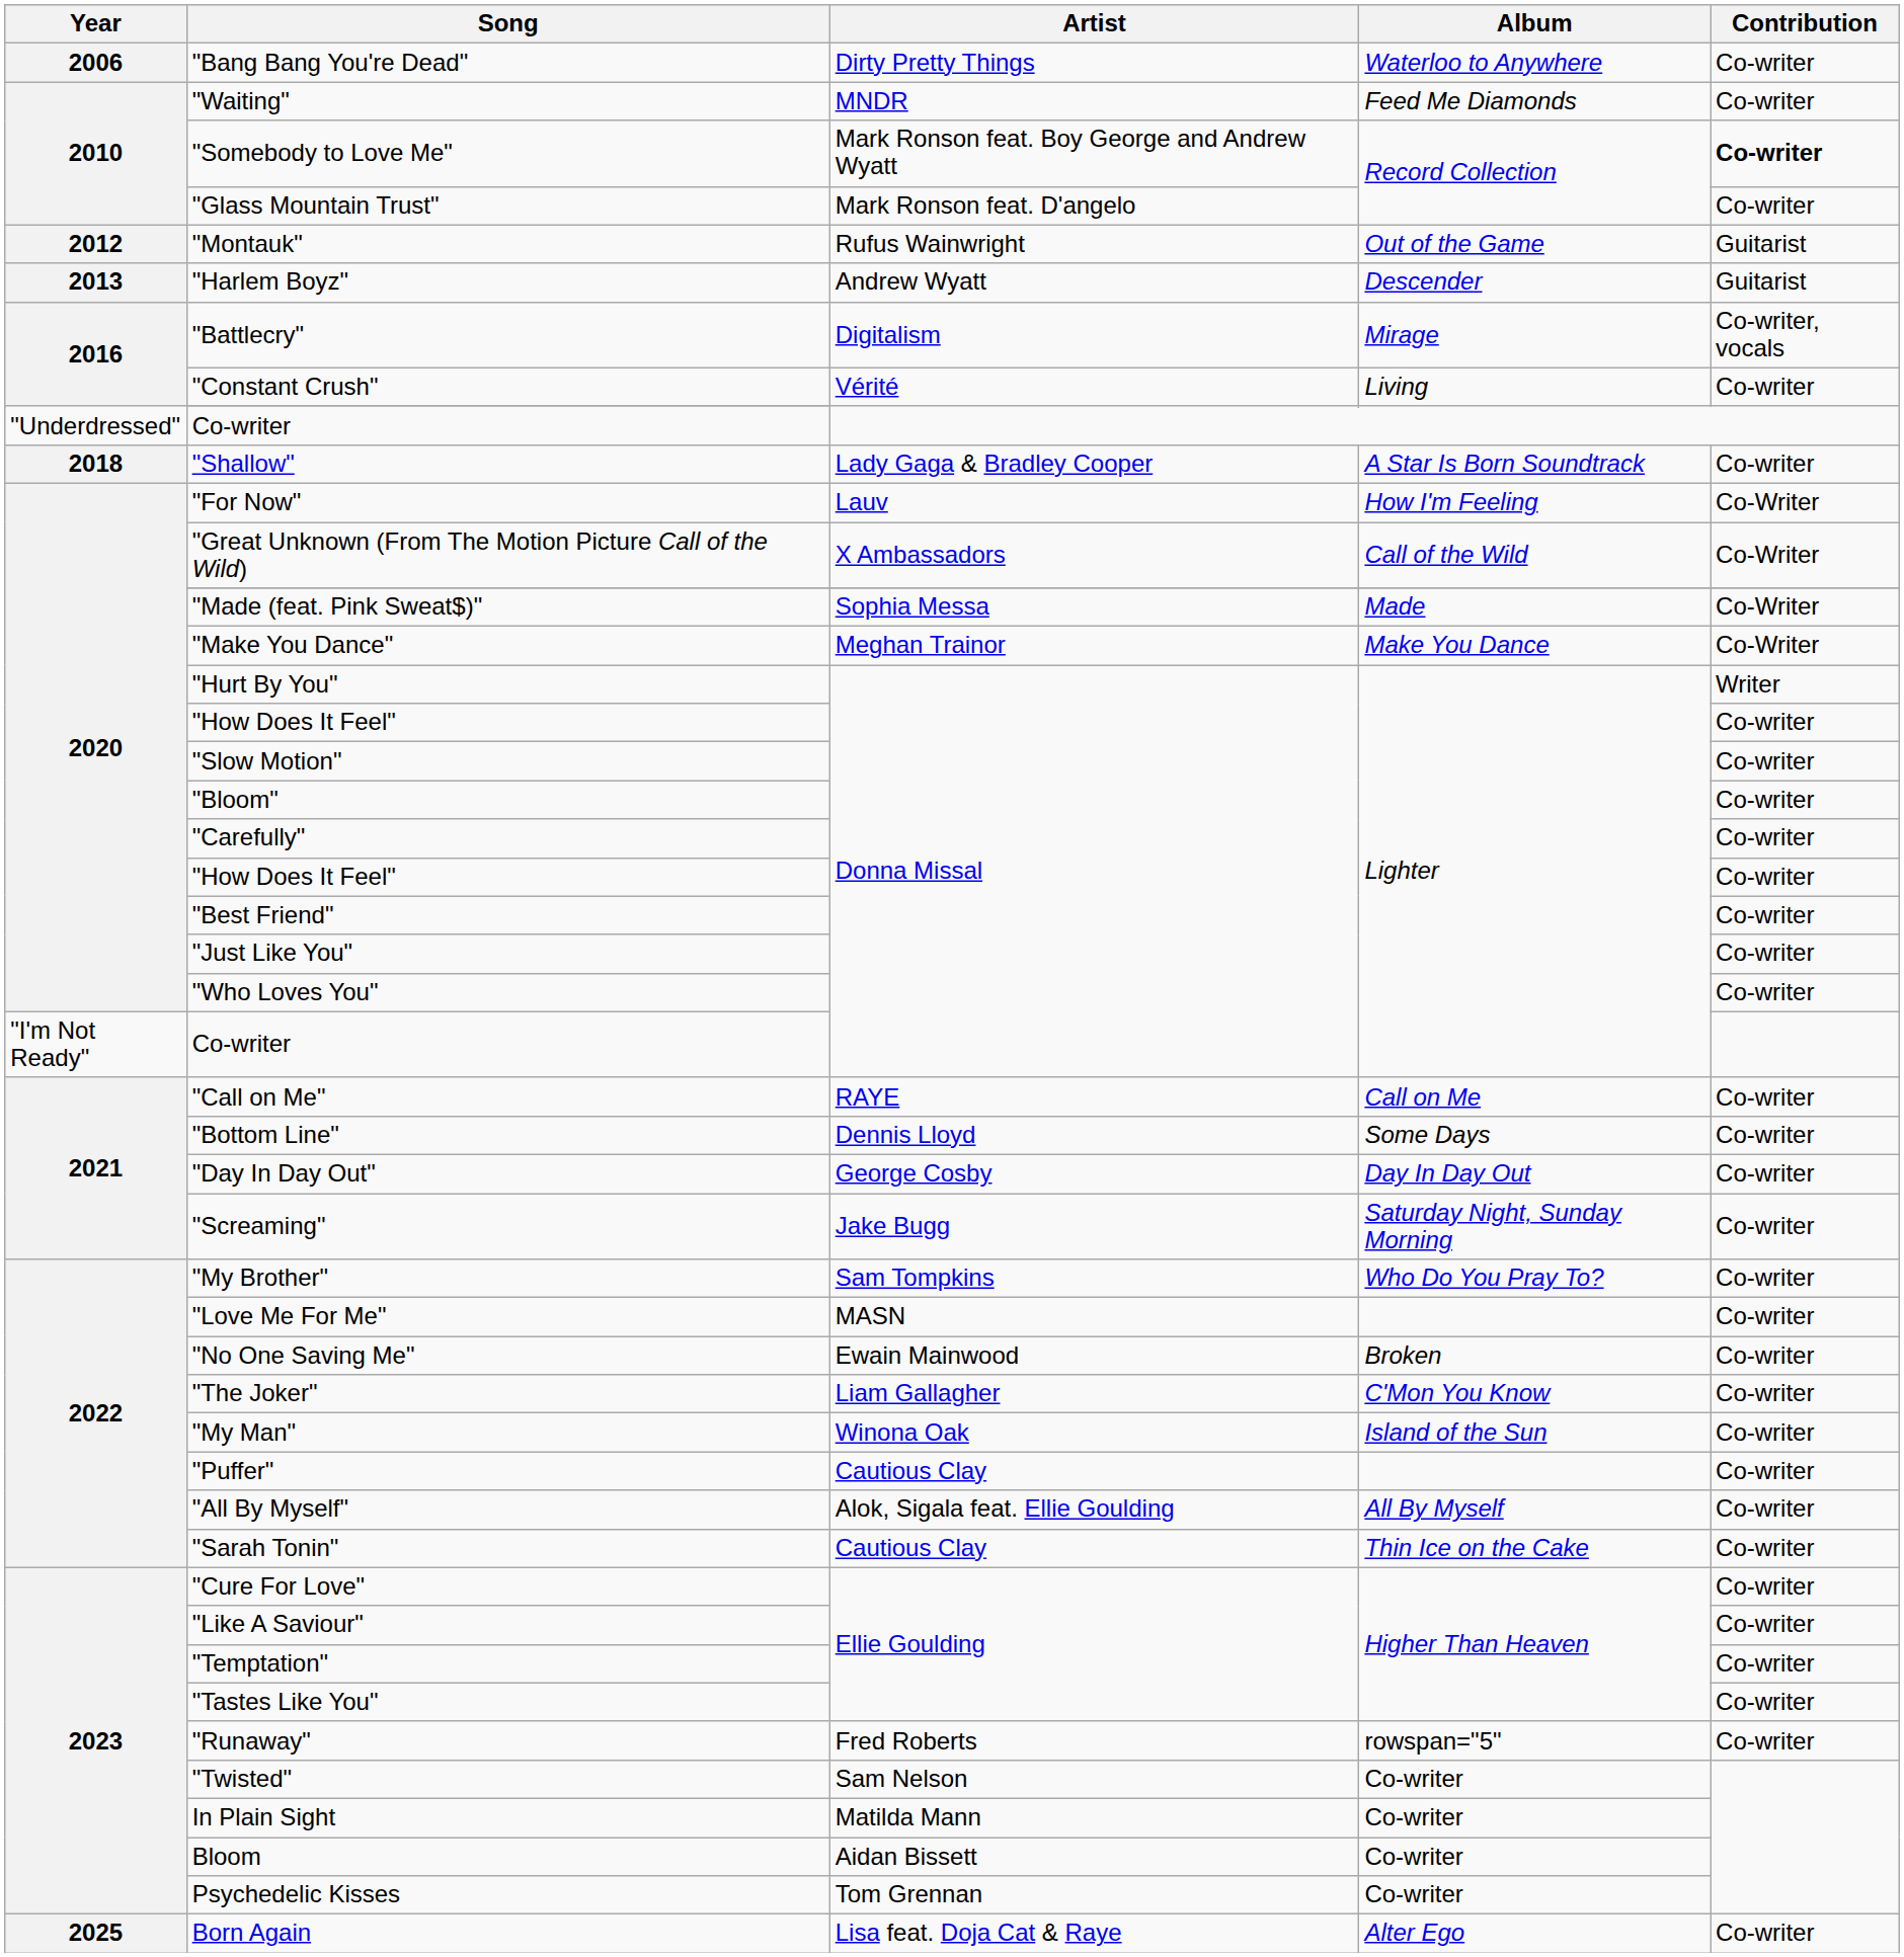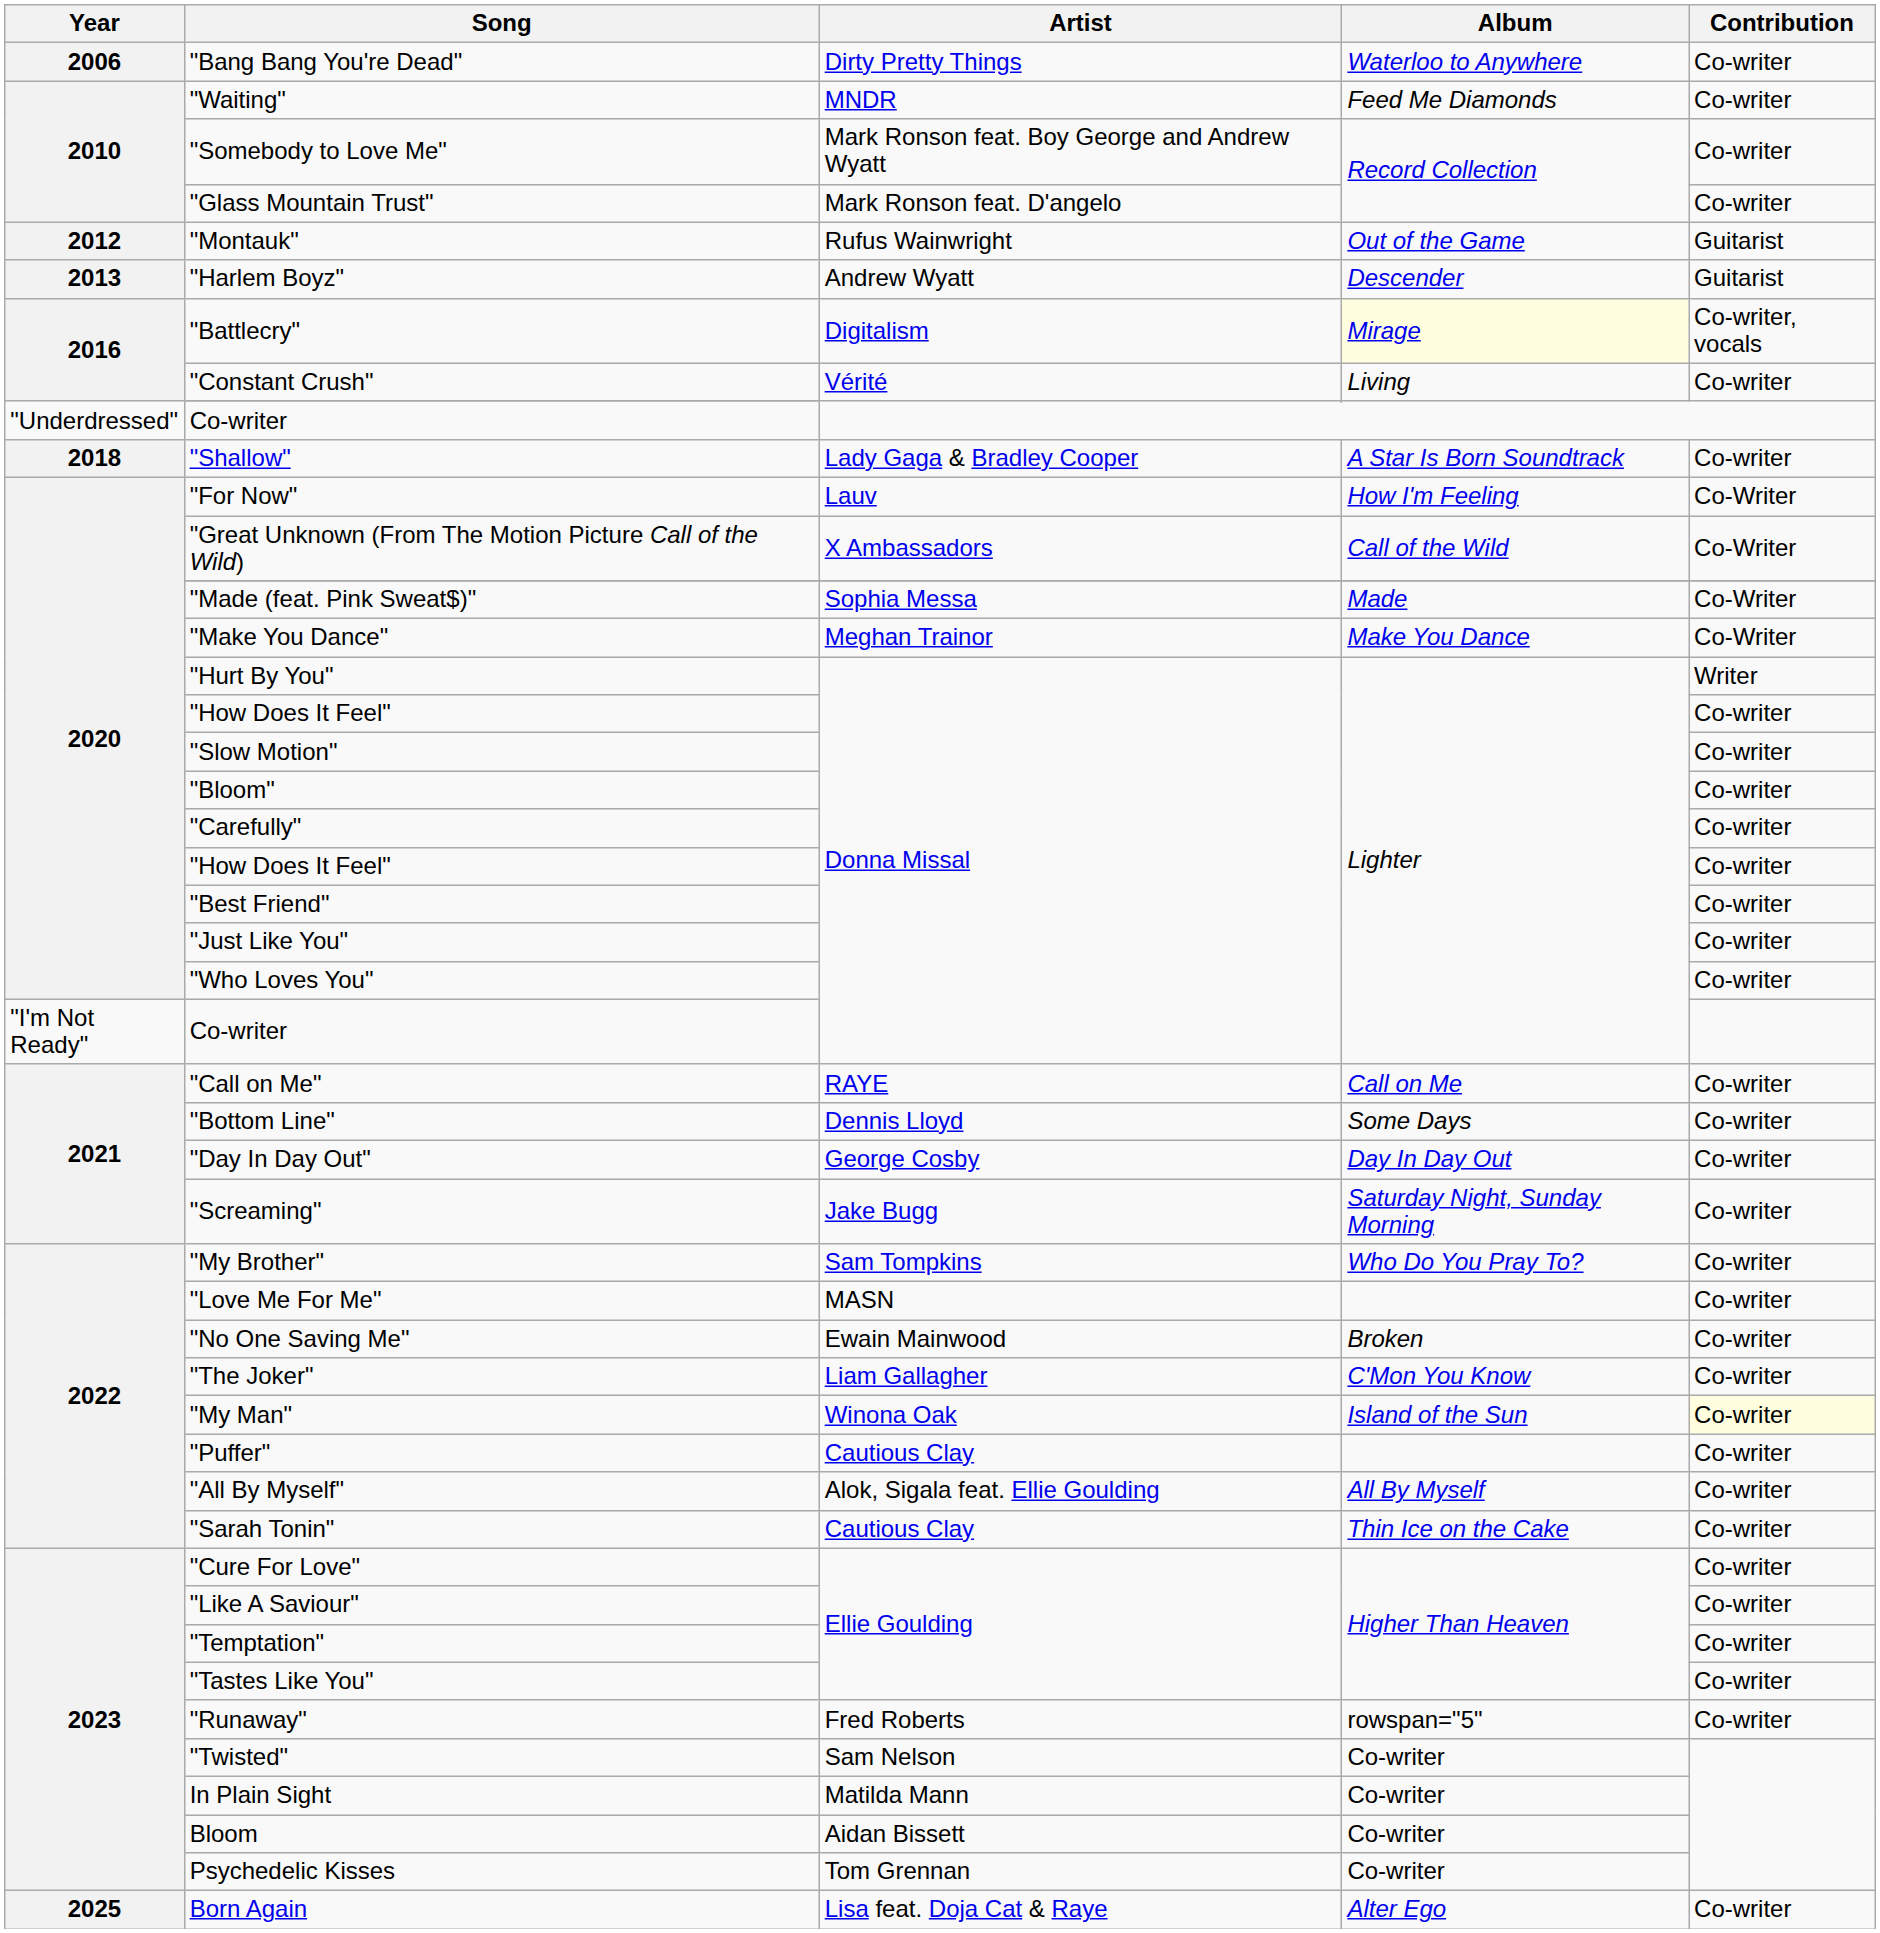 <table class="wikitable plainrowheaders" border="1">
 <tr>
 <th scope="col">Year</th>
 <th scope="col" style="width:26em;">Song</th>
 <th scope="col">Artist</th>
 <th scope="col">Album</th>
 <th scope="col">Contribution</th>
 </tr>
 <tr>
 <th scope="row">2006</th>
 <td>"Bang Bang You're Dead"</td>
 <td><a href='#'>Dirty Pretty Things</a></td>
 <td><em><a href='#'>Waterloo to Anywhere</a></em></td>
 <td>Co-writer</td>
 </tr>
 <tr>
 <th scope="row" rowspan="3">2010</th>
 <td>"Waiting"</td>
 <td><a href='#'>MNDR</a></td>
 <td><em>Feed Me Diamonds</em></td>
 <td>Co-writer</td>
 </tr>
 <tr>
 <td>"Somebody to Love Me"</td>
 <td>Mark Ronson feat. Boy George and Andrew Wyatt</td>
 <td rowspan="2"><em><a href='#'>Record Collection</a></em></td>
-<td><strong>Co-writer</strong></td>
+<td>Co-writer</td>
 </tr>
 <tr>
 <td>"Glass Mountain Trust"</td>
 <td>Mark Ronson feat. D'angelo</td>
 <td>Co-writer</td>
 </tr>
 <tr>
 <th scope="row">2012</th>
 <td>"Montauk"</td>
 <td>Rufus Wainwright</td>
 <td><em><a href='#'>Out of the Game</a></em></td>
 <td>Guitarist</td>
 </tr>
 <tr>
 <th scope="row">2013</th>
 <td>"Harlem Boyz"</td>
 <td>Andrew Wyatt</td>
 <td><em><a href='#'>Descender</a></em></td>
 <td>Guitarist</td>
 </tr>
 <tr>
 <th scope="row" rowspan="3">2016</th>
 <td>"Battlecry"</td>
 <td><a href='#'>Digitalism</a></td>
-<td><em><a href='#'>Mirage</a></em></td>
+<td style="background: lightyellow;"><em><a href='#'>Mirage</a></em></td>
 <td>Co-writer, vocals</td>
 </tr>
 <tr>
 <td>"Constant Crush"</td>
 <td rowspan="2"><a href='#'>Vérité</a></td>
 <td rowspan="2"><em>Living</em></td>
 <td>Co-writer</td>
 </tr>
 <tr>
 </tr>
 <tr>
 <td>"Underdressed"</td>
 <td>Co-writer</td>
 </tr>
 <tr>
 <th scope="row">2018</th>
 <td><a href='#'>"Shallow"</a></td>
 <td><a href='#'>Lady Gaga</a> & <a href='#'>Bradley Cooper</a></td>
 <td><em><a href='#'>A Star Is Born Soundtrack</a></em></td>
 <td>Co-writer</td>
 </tr>
 <tr>
 <th scope="row" rowspan="14">2020</th>
 <td>"For Now"</td>
 <td><a href='#'>Lauv</a></td>
 <td><em><a href='#'>How I'm Feeling</a></em></td>
 <td>Co-Writer</td>
 </tr>
 <tr>
 <td>"Great Unknown (From The Motion Picture <em>Call of the Wild</em>)</td>
 <td><a href='#'>X Ambassadors</a></td>
 <td><em><a href='#'>Call of the Wild</a></em></td>
 <td>Co-Writer</td>
 </tr>
 <tr>
 </tr>
 <tr>
 <td>"Made (feat. Pink Sweat$)"</td>
 <td><a href='#'>Sophia Messa</a></td>
 <td><em><a href='#'>Made</a></em></td>
 <td>Co-Writer</td>
 </tr>
 <tr>
 <td>"Make You Dance"</td>
 <td><a href='#'>Meghan Trainor</a></td>
 <td><em><a href='#'>Make You Dance</a></em></td>
 <td>Co-Writer</td>
 </tr>
 <tr>
 <td>"Hurt By You"</td>
 <td rowspan="10"><a href='#'>Donna Missal</a></td>
 <td rowspan="10"><em>Lighter</em></td>
 <td>Writer</td>
 </tr>
 <tr>
 <td>"How Does It Feel"</td>
 <td>Co-writer</td>
 </tr>
 <tr>
 <td>"Slow Motion"</td>
 <td>Co-writer</td>
 </tr>
 <tr>
 <td>"Bloom"</td>
 <td>Co-writer</td>
 </tr>
 <tr>
 <td>"Carefully"</td>
 <td>Co-writer</td>
 </tr>
 <tr>
 <td>"How Does It Feel"</td>
 <td>Co-writer</td>
 </tr>
 <tr>
 <td>"Best Friend"</td>
 <td>Co-writer</td>
 </tr>
 <tr>
 <td>"Just Like You"</td>
 <td>Co-writer</td>
 </tr>
 <tr>
 <td>"Who Loves You"</td>
 <td>Co-writer</td>
 </tr>
 <tr>
 <td>"I'm Not Ready"</td>
 <td>Co-writer</td>
 </tr>
 <tr>
 <th scope="row" rowspan="4">2021</th>
 <td>"Call on Me"</td>
 <td><a href='#'>RAYE</a></td>
 <td><em><a href='#'>Call on Me</a></em></td>
 <td>Co-writer</td>
 </tr>
 <tr>
 <td>"Bottom Line"</td>
 <td><a href='#'>Dennis Lloyd</a></td>
 <td><em>Some Days</em></td>
 <td>Co-writer</td>
 </tr>
 <tr>
 <td>"Day In Day Out"</td>
 <td><a href='#'>George Cosby</a></td>
 <td><em><a href='#'>Day In Day Out</a></em></td>
 <td>Co-writer</td>
 </tr>
 <tr>
 <td>"Screaming"</td>
 <td><a href='#'>Jake Bugg</a></td>
 <td><em><a href='#'>Saturday Night, Sunday Morning</a></em></td>
 <td>Co-writer</td>
 </tr>
 <tr>
 <th scope="row" rowspan="8">2022</th>
 <td>"My Brother"</td>
 <td><a href='#'>Sam Tompkins</a></td>
 <td><em><a href='#'>Who Do You Pray To?</a></em></td>
 <td>Co-writer</td>
 </tr>
 <tr>
 <td>"Love Me For Me"</td>
 <td>MASN</td>
 <td></td>
 <td>Co-writer</td>
 </tr>
 <tr>
 <td>"No One Saving Me"</td>
 <td>Ewain Mainwood</td>
 <td><em>Broken</em></td>
 <td>Co-writer</td>
 </tr>
 <tr>
 <td>"The Joker"</td>
 <td><a href='#'>Liam Gallagher</a></td>
 <td><em><a href='#'>C'Mon You Know</a></em></td>
 <td>Co-writer</td>
 </tr>
 <tr>
 <td>"My Man"</td>
 <td><a href='#'>Winona Oak</a></td>
 <td><em><a href='#'>Island of the Sun</a></em></td>
-<td>Co-writer</td>
+<td style="background: lightyellow;">Co-writer</td>
 </tr>
 <tr>
 <td>"Puffer"</td>
 <td><a href='#'>Cautious Clay</a></td>
 <td></td>
 <td>Co-writer</td>
 </tr>
 <tr>
 <td>"All By Myself"</td>
 <td>Alok, Sigala feat. <a href='#'>Ellie Goulding</a></td>
 <td><em><a href='#'>All By Myself</a></em></td>
 <td>Co-writer</td>
 </tr>
 <tr>
 <td>"Sarah Tonin"</td>
 <td><a href='#'>Cautious Clay</a></td>
 <td><em><a href='#'>Thin Ice on the Cake</a></em></td>
 <td>Co-writer</td>
 </tr>
 <tr>
 <th scope="row" rowspan="9">2023</th>
 <td>"Cure For Love"</td>
 <td rowspan="4"><a href='#'>Ellie Goulding</a></td>
 <td rowspan="4"><em><a href='#'>Higher Than Heaven</a></em></td>
 <td>Co-writer</td>
 </tr>
 <tr>
 <td>"Like A Saviour"</td>
 <td>Co-writer</td>
 </tr>
 <tr>
 <td>"Temptation"</td>
 <td>Co-writer</td>
 </tr>
 <tr>
 <td>"Tastes Like You"</td>
 <td>Co-writer</td>
 </tr>
 <tr>
 <td>"Runaway"</td>
 <td>Fred Roberts</td>
 <td>rowspan="5" </td>
 <td>Co-writer</td>
 </tr>
 <tr>
 <td>"Twisted"</td>
 <td>Sam Nelson</td>
 <td>Co-writer</td>
 </tr>
 <tr>
 <td>In Plain Sight</td>
 <td>Matilda Mann</td>
 <td>Co-writer</td>
 </tr>
 <tr>
 <td>Bloom</td>
 <td>Aidan Bissett</td>
 <td>Co-writer</td>
 </tr>
 <tr>
 <td>Psychedelic Kisses</td>
 <td>Tom Grennan</td>
 <td>Co-writer</td>
 </tr>
 <tr>
 <th scope="row">2025</th>
 <td><a href='#'>Born Again</a></td>
 <td><a href='#'>Lisa</a> feat. <a href='#'>Doja Cat</a> & <a href='#'>Raye</a></td>
 <td><em><a href='#'>Alter Ego</a></em></td>
 <td>Co-writer</td>
 </tr>
 </table>
